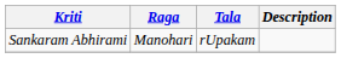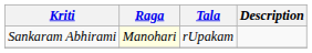 <table class="wikitable">
 <tr>
 <th><em><a href='#'>Kriti</a></em></th>
 <th><em><a href='#'>Raga</a></em></th>
 <th><em><a href='#'>Tala</a></em></th>
 <th><em>Description</em></th>
 </tr>
 <tr>
 <td><em>Sankaram Abhirami</em></td>
-<td><em>Manohari</em></td>
+<td style="background: lightyellow;"><em>Manohari</em></td>
 <td><em>rUpakam</em></td>
 <td></td>
 </tr>
 <tr>
 </tr>
 </table>
